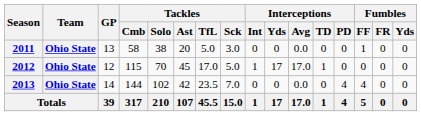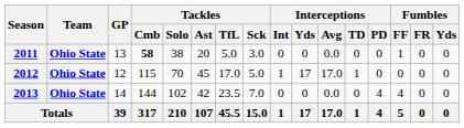 <table class="wikitable" style="text-align:center;">
 <tr>
 <th rowspan="2">Season</th>
 <th rowspan="2">Team</th>
 <th rowspan="2">GP</th>
 <th colspan="5">Tackles</th>
 <th colspan="5">Interceptions</th>
 <th colspan="3">Fumbles</th>
 </tr>
 <tr>
 <th>Cmb</th>
 <th>Solo</th>
 <th>Ast</th>
 <th>TfL</th>
 <th>Sck</th>
 <th>Int</th>
 <th>Yds</th>
 <th>Avg</th>
 <th>TD</th>
 <th>PD</th>
 <th>FF</th>
 <th>FR</th>
 <th>Yds</th>
 </tr>
 <tr>
 <th><a href='#'>2011</a></th>
 <th><a href='#'>Ohio State</a></th>
 <td>13</td>
-<td>58</td>
+<td><strong>58</strong></td>
 <td>38</td>
 <td>20</td>
 <td>5.0</td>
 <td>3.0</td>
 <td>0</td>
 <td>0</td>
 <td>0.0</td>
 <td>0</td>
 <td>0</td>
 <td>1</td>
 <td>0</td>
 <td>0</td>
 </tr>
 <tr>
 <th><a href='#'>2012</a></th>
 <th><a href='#'>Ohio State</a></th>
 <td>12</td>
 <td>115</td>
 <td>70</td>
 <td>45</td>
 <td>17.0</td>
 <td>5.0</td>
 <td>1</td>
 <td>17</td>
 <td>17.0</td>
 <td>1</td>
 <td>0</td>
 <td>0</td>
 <td>0</td>
 <td>0</td>
 </tr>
 <tr>
 <th><a href='#'>2013</a></th>
 <th><a href='#'>Ohio State</a></th>
 <td>14</td>
 <td>144</td>
 <td>102</td>
 <td>42</td>
 <td>23.5</td>
 <td>7.0</td>
 <td>0</td>
 <td>0</td>
 <td>0.0</td>
 <td>0</td>
 <td>4</td>
 <td>4</td>
 <td>0</td>
 <td>0</td>
 </tr>
 <tr>
 <th colspan="2">Totals</th>
 <th>39</th>
 <th>317</th>
 <th>210</th>
 <th>107</th>
 <th>45.5</th>
 <th>15.0</th>
 <th>1</th>
 <th>17</th>
 <th>17.0</th>
 <th>1</th>
 <th>4</th>
 <th>5</th>
 <th>0</th>
 <th>0</th>
 </tr>
 </table>
